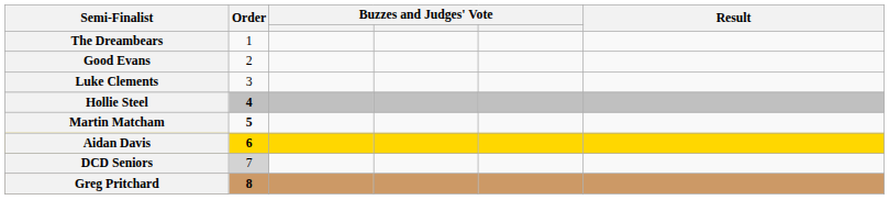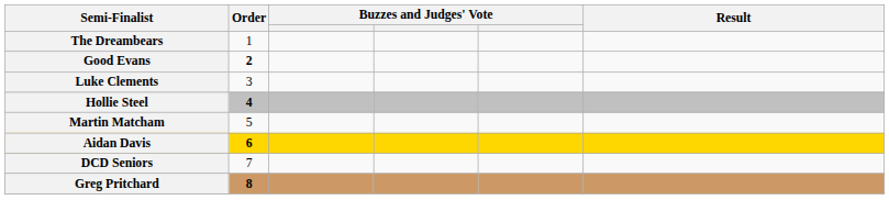 <table class="wikitable plainrowheaders sortable" style="text-align:center;">
 <tr>
 <th scope="col" rowspan=2 class="unsortable" style="width:17em;">Semi-Finalist</th>
 <th scope="col" rowspan=2 style="width:1em;">Order</th>
 <th scope="col" colspan=3 class="unsortable" style="width:24em;">Buzzes and Judges' Vote</th>
 <th scope="col" rowspan=2 style="width:23em;">Result </th>
 </tr>
 <tr>
 <th scope="col" class="unsortable" style="width:6em;"></th>
 <th scope="col" class="unsortable" style="width:6em;"></th>
 <th scope="col" class="unsortable" style="width:6em;"></th>
 </tr>
 <tr>
 <th scope="row">The Dreambears</th>
 <td>1</td>
 <td style="text-align:center;"></td>
 <td style="text-align:center;"></td>
 <td style="text-align:center;"></td>
 <td></td>
 </tr>
 <tr>
 <th scope="row">Good Evans</th>
-<td>2</td>
+<td><strong>2</strong></td>
 <td style="text-align:center;"></td>
 <td style="text-align:center;"></td>
 <td style="text-align:center;"></td>
 <td></td>
 </tr>
 <tr>
 <th scope="row">Luke Clements</th>
 <td>3</td>
 <td style="text-align:center;"></td>
 <td style="text-align:center;"></td>
 <td style="text-align:center;"></td>
 <td></td>
 </tr>
 <tr bgcolor=silver>
 <th scope="row"><strong>Hollie Steel</strong></th>
 <td><strong>4</strong></td>
 <td style="text-align:center;"></td>
 <td style="text-align:center;"></td>
 <td style="text-align:center;"></td>
 <td><strong></strong></td>
 </tr>
 <tr>
 <th scope="row">Martin Matcham</th>
-<td><strong>5</strong></td>
+<td>5</td>
 <td style="text-align:center;"></td>
 <td style="text-align:center;"></td>
 <td style="text-align:center;"></td>
 <td></td>
 </tr>
 <tr bgcolor=gold>
 <th scope="row"><strong>Aidan Davis</strong></th>
 <td><strong>6</strong></td>
 <td style="text-align:center;"></td>
 <td style="text-align:center;"></td>
 <td style="text-align:center;"></td>
 <td><strong></strong></td>
 </tr>
 <tr>
 <th scope="row">DCD Seniors</th>
-<td style="background: lightgrey;">7</td>
+<td>7</td>
 <td style="text-align:center;"></td>
 <td style="text-align:center;"></td>
 <td style="text-align:center;"></td>
 <td></td>
 </tr>
 <tr bgcolor=#c96>
 <th scope="row"><strong>Greg Pritchard</strong></th>
 <td><strong>8</strong></td>
 <td style="text-align:center;"></td>
 <td style="text-align:center;"></td>
 <td style="text-align:center;"></td>
 <td><strong></strong></td>
 </tr>
 </table>
